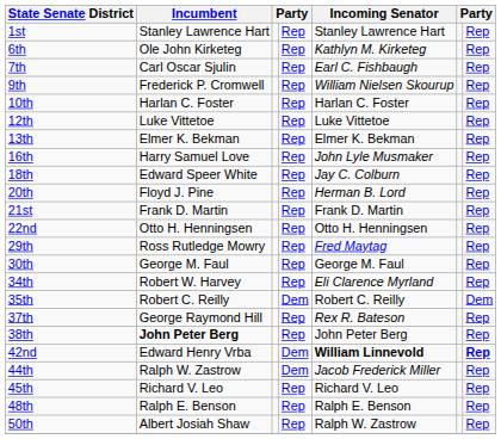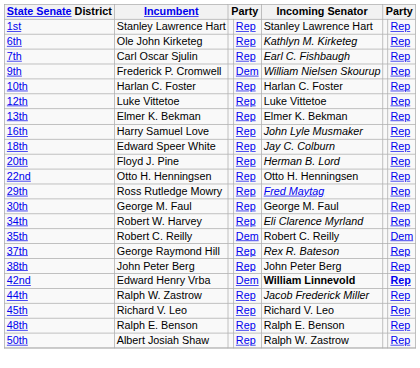 <table class="sortable wikitable" style="font-size:95%;line-height:14px;">
 <tr>
 <th class="unsortable"><a href='#'>State Senate</a> District</th>
 <th class="unsortable"><a href='#'>Incumbent</a></th>
 <th colspan="2">Party</th>
 <th class="unsortable">Incoming Senator</th>
 <th colspan="2">Party</th>
 </tr>
 <tr>
 <td><a href='#'>1st</a></td>
 <td>Stanley Lawrence Hart</td>
 <td style="background:"></td>
 <td><a href='#'>Rep</a></td>
 <td>Stanley Lawrence Hart</td>
 <td style="background:"></td>
 <td><a href='#'>Rep</a></td>
 </tr>
 <tr>
 <td><a href='#'>6th</a></td>
 <td>Ole John Kirketeg</td>
 <td style="background:"></td>
 <td><a href='#'>Rep</a></td>
 <td><em>Kathlyn M. Kirketeg</em></td>
 <td style="background:"></td>
 <td><a href='#'>Rep</a></td>
 </tr>
 <tr>
 <td><a href='#'>7th</a></td>
 <td>Carl Oscar Sjulin</td>
 <td style="background:"></td>
 <td><a href='#'>Rep</a></td>
 <td><em>Earl C. Fishbaugh</em></td>
 <td style="background:"></td>
 <td><a href='#'>Rep</a></td>
 </tr>
 <tr>
 <td><a href='#'>9th</a></td>
 <td>Frederick P. Cromwell</td>
 <td style="background:"></td>
-<td><a href='#'>Rep</a></td>
+<td><a href='#'>Dem</a></td>
 <td><em>William Nielsen Skourup</em></td>
 <td style="background:"></td>
 <td><a href='#'>Rep</a></td>
 </tr>
 <tr>
 <td><a href='#'>10th</a></td>
 <td>Harlan C. Foster</td>
 <td style="background:"></td>
 <td><a href='#'>Rep</a></td>
 <td>Harlan C. Foster</td>
 <td style="background:"></td>
 <td><a href='#'>Rep</a></td>
 </tr>
 <tr>
 <td><a href='#'>12th</a></td>
 <td>Luke Vittetoe</td>
 <td style="background:"></td>
 <td><a href='#'>Rep</a></td>
 <td>Luke Vittetoe</td>
 <td style="background:"></td>
 <td><a href='#'>Rep</a></td>
 </tr>
 <tr>
 <td><a href='#'>13th</a></td>
 <td>Elmer K. Bekman</td>
 <td style="background:"></td>
 <td><a href='#'>Rep</a></td>
 <td>Elmer K. Bekman</td>
 <td style="background:"></td>
 <td><a href='#'>Rep</a></td>
 </tr>
 <tr>
 <td><a href='#'>16th</a></td>
 <td>Harry Samuel Love</td>
 <td style="background:"></td>
 <td><a href='#'>Rep</a></td>
 <td><em>John Lyle Musmaker</em></td>
 <td style="background:"></td>
 <td><a href='#'>Rep</a></td>
 </tr>
 <tr>
 <td><a href='#'>18th</a></td>
 <td>Edward Speer White</td>
 <td style="background:"></td>
 <td><a href='#'>Rep</a></td>
 <td><em>Jay C. Colburn</em></td>
 <td style="background:"></td>
 <td><a href='#'>Rep</a></td>
 </tr>
 <tr>
 <td><a href='#'>20th</a></td>
 <td>Floyd J. Pine</td>
 <td style="background:"></td>
 <td><a href='#'>Rep</a></td>
 <td><em>Herman B. Lord</em></td>
 <td style="background:"></td>
 <td><a href='#'>Rep</a></td>
 </tr>
 <tr>
-<td><a href='#'>21st</a></td>
-<td>Frank D. Martin</td>
-<td style="background:"></td>
-<td><a href='#'>Rep</a></td>
-<td>Frank D. Martin</td>
-<td style="background:"></td>
-<td><a href='#'>Rep</a></td>
-</tr>
-<tr>
 <td><a href='#'>22nd</a></td>
 <td>Otto H. Henningsen</td>
 <td style="background:"></td>
 <td><a href='#'>Rep</a></td>
 <td>Otto H. Henningsen</td>
 <td style="background:"></td>
 <td><a href='#'>Rep</a></td>
 </tr>
 <tr>
 <td><a href='#'>29th</a></td>
 <td>Ross Rutledge Mowry</td>
 <td style="background:"></td>
 <td><a href='#'>Rep</a></td>
 <td><em><a href='#'>Fred Maytag</a></em></td>
 <td style="background:"></td>
 <td><a href='#'>Rep</a></td>
 </tr>
 <tr>
 <td><a href='#'>30th</a></td>
 <td>George M. Faul</td>
 <td style="background:"></td>
 <td><a href='#'>Rep</a></td>
 <td>George M. Faul</td>
 <td style="background:"></td>
 <td><a href='#'>Rep</a></td>
 </tr>
 <tr>
 <td><a href='#'>34th</a></td>
 <td>Robert W. Harvey</td>
 <td style="background:"></td>
 <td><a href='#'>Rep</a></td>
 <td><em>Eli Clarence Myrland</em></td>
 <td style="background:"></td>
 <td><a href='#'>Rep</a></td>
 </tr>
 <tr>
 <td><a href='#'>35th</a></td>
 <td>Robert C. Reilly</td>
 <td style="background:"></td>
 <td><a href='#'>Dem</a></td>
 <td>Robert C. Reilly</td>
 <td style="background:"></td>
 <td><a href='#'>Dem</a></td>
 </tr>
 <tr>
 <td><a href='#'>37th</a></td>
 <td>George Raymond Hill</td>
 <td style="background:"></td>
 <td><a href='#'>Rep</a></td>
 <td><em>Rex R. Bateson</em></td>
 <td style="background:"></td>
 <td><a href='#'>Rep</a></td>
 </tr>
 <tr>
 <td><a href='#'>38th</a></td>
-<td><strong>John Peter Berg</strong></td>
+<td>John Peter Berg</td>
 <td style="background:"></td>
 <td><a href='#'>Rep</a></td>
 <td>John Peter Berg</td>
 <td style="background:"></td>
 <td><a href='#'>Rep</a></td>
 </tr>
 <tr>
 <td><a href='#'>42nd</a></td>
 <td>Edward Henry Vrba</td>
 <td style="background:"></td>
 <td><a href='#'>Dem</a></td>
 <td><strong>William Linnevold</strong></td>
 <td style="background:"></td>
 <td><strong><a href='#'>Rep</a></strong></td>
 </tr>
 <tr>
 <td><a href='#'>44th</a></td>
 <td>Ralph W. Zastrow</td>
 <td style="background:"></td>
-<td><a href='#'>Dem</a></td>
+<td><a href='#'>Rep</a></td>
 <td><em>Jacob Frederick Miller</em></td>
 <td style="background:"></td>
 <td><a href='#'>Rep</a></td>
 </tr>
 <tr>
 <td><a href='#'>45th</a></td>
 <td>Richard V. Leo</td>
 <td style="background:"></td>
 <td><a href='#'>Rep</a></td>
 <td>Richard V. Leo</td>
 <td style="background:"></td>
 <td><a href='#'>Rep</a></td>
 </tr>
 <tr>
 <td><a href='#'>48th</a></td>
 <td>Ralph E. Benson</td>
 <td style="background:"></td>
 <td><a href='#'>Rep</a></td>
 <td>Ralph E. Benson</td>
 <td style="background:"></td>
 <td><a href='#'>Rep</a></td>
 </tr>
 <tr>
 <td><a href='#'>50th</a></td>
 <td>Albert Josiah Shaw</td>
 <td style="background:"></td>
 <td><a href='#'>Rep</a></td>
 <td>Ralph W. Zastrow</td>
 <td style="background:"></td>
 <td><a href='#'>Rep</a></td>
 </tr>
 <tr>
 </tr>
 </table>
